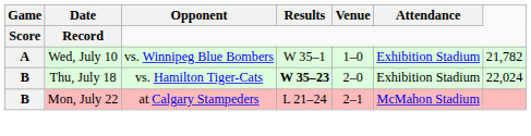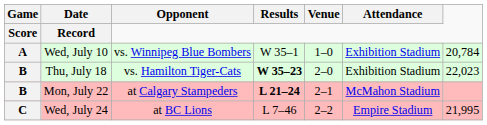 <table class="wikitable" style="text-align:center">
 <tr>
 <th>Game</th>
 <th>Date</th>
 <th>Opponent</th>
 <th>Results</th>
 <th>Venue</th>
 <th>Attendance</th>
 </tr>
 <tr>
 <th>Score</th>
 <th>Record</th>
 </tr>
 <tr style="background:#ddffdd">
 <th>A</th>
 <td>Wed, July 10</td>
 <td>vs. <a href='#'>Winnipeg Blue Bombers</a></td>
 <td>W 35–1</td>
 <td>1–0</td>
 <td><a href='#'>Exhibition Stadium</a></td>
-<td>21,782</td>
+<td>20,784</td>
 </tr>
 <tr style="background:#ddffdd">
 <th>B</th>
 <td>Thu, July 18</td>
 <td>vs. <a href='#'>Hamilton Tiger-Cats</a></td>
 <td><strong>W 35–23</strong></td>
 <td>2–0</td>
 <td>Exhibition Stadium</td>
-<td>22,024</td>
+<td>22,023</td>
 </tr>
 <tr style="background:#ffbbbb">
 <th>B</th>
 <td>Mon, July 22</td>
 <td>at <a href='#'>Calgary Stampeders</a></td>
-<td>L 21–24</td>
+<td><strong>L 21–24</strong></td>
 <td>2–1</td>
 <td><a href='#'>McMahon Stadium</a></td>
 <td></td>
 </tr>
+<tr style="background:#ffbbbb">
+<th>C</th>
+<td>Wed, July 24</td>
+<td>at <a href='#'>BC Lions</a></td>
+<td>L 7–46</td>
+<td>2–2</td>
+<td><a href='#'>Empire Stadium</a></td>
+<td>21,995</td>
+</tr>
 </table>
